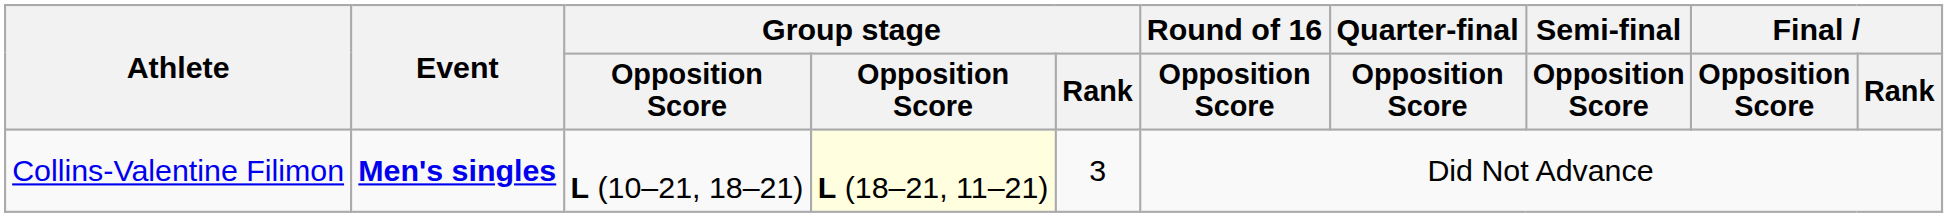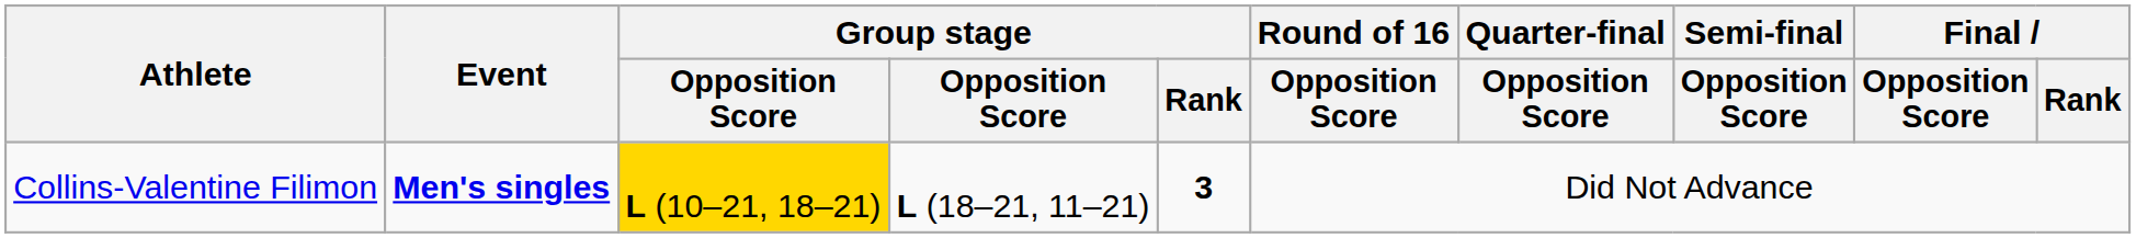 <table class="wikitable" style="font-size:90%">
 <tr>
 <th rowspan="2">Athlete</th>
 <th rowspan="2">Event</th>
 <th colspan="3">Group stage</th>
 <th>Round of 16</th>
 <th>Quarter-final</th>
 <th>Semi-final</th>
 <th colspan="2">Final / </th>
 </tr>
 <tr style="font-size:95%">
 <th>Opposition<br>Score</th>
 <th>Opposition<br>Score</th>
 <th>Rank</th>
 <th>Opposition<br>Score</th>
 <th>Opposition<br>Score</th>
 <th>Opposition<br>Score</th>
 <th>Opposition<br>Score</th>
 <th>Rank</th>
 </tr>
 <tr align="center">
 <td align="left"><a href='#'>Collins-Valentine Filimon</a></td>
 <td align="left"><strong><a href='#'>Men's singles</a></strong></td>
-<td><br><strong>L</strong> (10–21, 18–21)</td>
-<td style="background: lightyellow;"><br><strong>L</strong> (18–21, 11–21)</td>
-<td>3</td>
+<td style="background: gold;"><br><strong>L</strong> (10–21, 18–21)</td>
+<td><br><strong>L</strong> (18–21, 11–21)</td>
+<td><strong>3</strong></td>
 <td colspan=5>Did Not Advance</td>
 </tr>
 </table>
